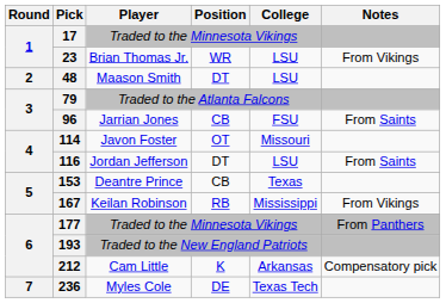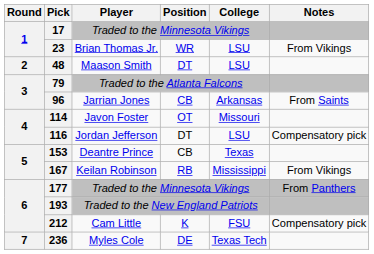 <table class="wikitable" style="text-align:center">
 <tr>
 <th>Round</th>
 <th>Pick</th>
 <th>Player</th>
 <th>Position</th>
 <th>College</th>
 <th>Notes</th>
 </tr>
 <tr>
 <th rowspan="2"><a href='#'>1</a></th>
 <th>17</th>
 <td colspan="3" style="background:#BFBFBF"><em>Traded to the <a href='#'>Minnesota Vikings</a></em></td>
 <td style="background:#BFBFBF"></td>
 </tr>
 <tr>
 <th>23</th>
 <td><a href='#'>Brian Thomas Jr.</a></td>
 <td><a href='#'>WR</a></td>
 <td><a href='#'>LSU</a></td>
 <td>From Vikings</td>
 </tr>
 <tr>
 <th>2</th>
 <th>48</th>
 <td><a href='#'>Maason Smith</a></td>
 <td><a href='#'>DT</a></td>
 <td><a href='#'>LSU</a></td>
 <td></td>
 </tr>
 <tr>
 <th rowspan="2">3</th>
 <th>79</th>
 <td colspan="3" style="background:#BFBFBF"><em>Traded to the <a href='#'>Atlanta Falcons</a></em></td>
 <td style="background:#BFBFBF"></td>
 </tr>
 <tr>
 <th>96</th>
 <td><a href='#'>Jarrian Jones</a></td>
 <td><a href='#'>CB</a></td>
-<td><a href='#'>FSU</a></td>
+<td><a href='#'>Arkansas</a></td>
 <td>From <a href='#'>Saints</a></td>
 </tr>
 <tr>
 <th rowspan="2">4</th>
 <th>114</th>
 <td><a href='#'>Javon Foster</a></td>
 <td><a href='#'>OT</a></td>
 <td><a href='#'>Missouri</a></td>
 <td></td>
 </tr>
 <tr>
 <th>116</th>
 <td><a href='#'>Jordan Jefferson</a></td>
 <td>DT</td>
 <td><a href='#'>LSU</a></td>
-<td>From <a href='#'>Saints</a></td>
+<td>Compensatory pick</td>
 </tr>
 <tr>
 <th rowspan="2">5</th>
 <th>153</th>
 <td><a href='#'>Deantre Prince</a></td>
 <td>CB</td>
 <td><a href='#'>Texas</a></td>
 <td></td>
 </tr>
 <tr>
 <th>167</th>
 <td><a href='#'>Keilan Robinson</a></td>
 <td><a href='#'>RB</a></td>
 <td><a href='#'>Mississippi</a></td>
 <td>From Vikings</td>
 </tr>
 <tr>
 <th rowspan="3">6</th>
 <th>177</th>
 <td colspan="3" style="background:#BFBFBF"><em>Traded to the <a href='#'>Minnesota Vikings</a></em></td>
 <td style="background:#BFBFBF">From <a href='#'>Panthers</a></td>
 </tr>
 <tr>
 <th>193</th>
 <td colspan="3" style="background:#BFBFBF"><em>Traded to the <a href='#'>New England Patriots</a></em></td>
 <td style="background:#BFBFBF"></td>
 </tr>
 <tr>
 <th>212</th>
 <td><a href='#'>Cam Little</a></td>
 <td><a href='#'>K</a></td>
-<td><a href='#'>Arkansas</a></td>
+<td><a href='#'>FSU</a></td>
 <td>Compensatory pick</td>
 </tr>
 <tr>
 <th>7</th>
 <th>236</th>
 <td><a href='#'>Myles Cole</a></td>
 <td><a href='#'>DE</a></td>
 <td><a href='#'>Texas Tech</a></td>
 <td></td>
 </tr>
 </table>
